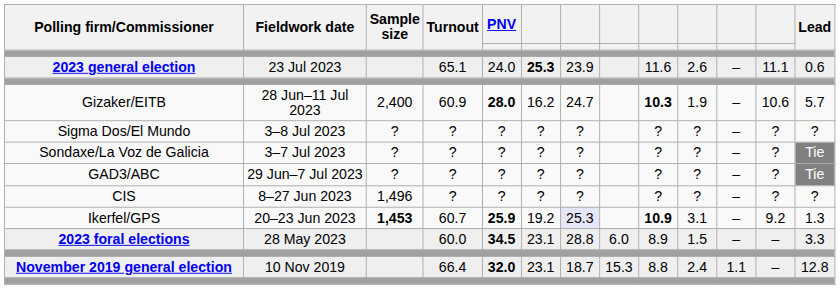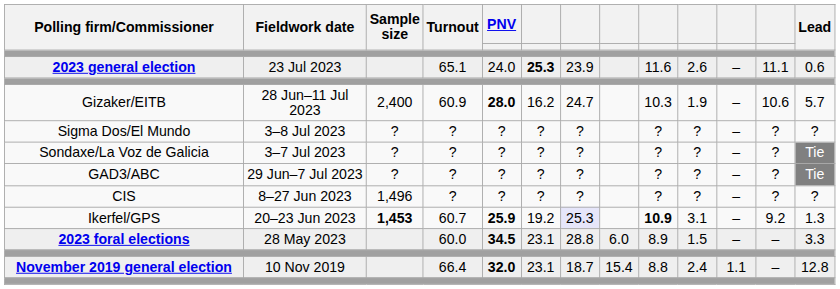 <table class="wikitable collapsible collapsed" style="text-align:center; font-size:95%; line-height:16px;">
 <tr style="height:42px;">
 <th style="width:250px;" rowspan="2">Polling firm/Commissioner</th>
 <th style="width:125px;" rowspan="2">Fieldwork date</th>
 <th style="width:50px;" rowspan="2">Sample size</th>
 <th style="width:45px;" rowspan="2">Turnout</th>
 <th style="width:35px;"><a href='#'>PNV</a></th>
 <th style="width:35px;"></th>
 <th style="width:35px;"></th>
 <th style="width:35px;"></th>
 <th style="width:35px;"></th>
 <th style="width:35px;"></th>
 <th style="width:35px;"></th>
 <th style="width:35px;"></th>
 <th style="width:30px;" rowspan="2">Lead</th>
 </tr>
 <tr>
 <th style="color:inherit;background:"></th>
 <th style="color:inherit;background:"></th>
 <th style="color:inherit;background:"></th>
 <th style="color:inherit;background:"></th>
 <th style="color:inherit;background:"></th>
 <th style="color:inherit;background:"></th>
 <th style="color:inherit;background:"></th>
 <th style="color:inherit;background:"></th>
 </tr>
 <tr>
 <td colspan="13" style="background:#A0A0A0"></td>
 </tr>
 <tr style="background:#EFEFEF;">
 <td><strong><a href='#'>2023 general election</a></strong></td>
 <td>23 Jul 2023</td>
 <td></td>
 <td>65.1</td>
 <td>24.0<br></td>
 <td><strong>25.3</strong><br></td>
 <td>23.9<br></td>
 <td></td>
 <td>11.6<br></td>
 <td>2.6<br></td>
 <td>–</td>
 <td>11.1<br></td>
 <td style="background:">0.6</td>
 </tr>
 <tr>
 <td colspan="13" style="background:#A0A0A0"></td>
 </tr>
 <tr>
 <td>Gizaker/EITB</td>
 <td>28 Jun–11 Jul 2023</td>
 <td>2,400</td>
 <td>60.9</td>
 <td><strong>28.0</strong><br></td>
 <td>16.2<br></td>
 <td>24.7<br></td>
 <td></td>
-<td><strong>10.3<br></strong></td>
+<td>10.3<br></td>
 <td>1.9<br></td>
 <td>–</td>
 <td>10.6<br></td>
 <td style="background:">5.7</td>
 </tr>
 <tr>
 <td>Sigma Dos/El Mundo</td>
 <td>3–8 Jul 2023</td>
 <td>?</td>
 <td>?</td>
 <td>?<br></td>
 <td>?<br></td>
 <td>?<br></td>
 <td></td>
 <td>?<br></td>
 <td>?<br></td>
 <td>–</td>
 <td>?<br></td>
 <td style="background:">?</td>
 </tr>
 <tr>
 <td>Sondaxe/La Voz de Galicia</td>
 <td>3–7 Jul 2023</td>
 <td>?</td>
 <td>?</td>
 <td>?<br></td>
 <td>?<br></td>
 <td>?<br></td>
 <td></td>
 <td>?<br></td>
 <td>?<br></td>
 <td>–</td>
 <td>?<br></td>
 <td style="background:gray; color:white;">Tie</td>
 </tr>
 <tr>
 <td>GAD3/ABC</td>
 <td>29 Jun–7 Jul 2023</td>
 <td>?</td>
 <td>?</td>
 <td>?<br></td>
 <td>?<br></td>
 <td>?<br></td>
 <td></td>
 <td>?<br></td>
 <td>?<br></td>
 <td>–</td>
 <td>?<br></td>
 <td style="background:gray; color:white;">Tie</td>
 </tr>
 <tr>
 <td>CIS</td>
 <td>8–27 Jun 2023</td>
 <td>1,496</td>
 <td>?</td>
 <td>?<br></td>
 <td>?<br></td>
 <td>?<br></td>
 <td></td>
 <td>?<br></td>
 <td>?<br></td>
 <td>–</td>
 <td>?<br></td>
 <td style="background:">?</td>
 </tr>
 <tr>
 <td>Ikerfel/GPS</td>
 <td>20–23 Jun 2023</td>
 <td><strong>1,453</strong></td>
 <td>60.7</td>
 <td><strong>25.9</strong><br></td>
 <td>19.2<br></td>
 <td style="background: lavender;">25.3<br></td>
 <td></td>
 <td><strong>10.9<br></strong></td>
 <td>3.1<br></td>
 <td>–</td>
 <td>9.2<br></td>
 <td style="background:">1.3</td>
 </tr>
 <tr style="background:#EFEFEF;">
 <td><strong><a href='#'>2023 foral elections</a></strong></td>
 <td>28 May 2023</td>
 <td></td>
 <td>60.0</td>
 <td><strong>34.5</strong><br></td>
 <td>23.1<br></td>
 <td>28.8<br></td>
 <td>6.0<br></td>
 <td>8.9<br></td>
 <td>1.5<br></td>
 <td>–</td>
 <td>–</td>
 <td style="background:">3.3</td>
 </tr>
 <tr>
 <td colspan="13" style="background:#A0A0A0"></td>
 </tr>
 <tr style="background:#EFEFEF;">
 <td><strong><a href='#'>November 2019 general election</a></strong></td>
 <td>10 Nov 2019</td>
 <td></td>
 <td>66.4</td>
 <td><strong>32.0</strong><br></td>
 <td>23.1<br></td>
 <td>18.7<br></td>
-<td>15.3<br></td>
+<td>15.4<br></td>
 <td>8.8<br></td>
 <td>2.4<br></td>
 <td>1.1<br></td>
 <td>–</td>
 <td style="background:">12.8</td>
 </tr>
 <tr>
 <td colspan="13" style="background:#A0A0A0"></td>
 </tr>
 </table>
